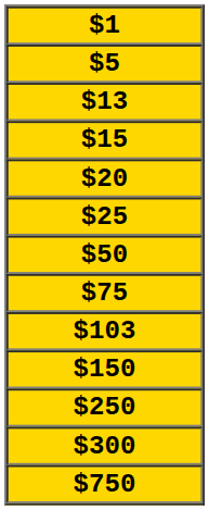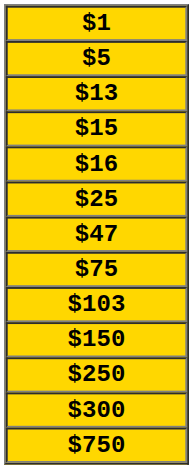 <table border=1 cellspacing=0 cellpadding=1 width=100px style="background:gold;text-align:center">
 <tr>
 <td><strong> $1</strong></td>
 </tr>
 <tr>
 <td><strong> $5</strong></td>
 </tr>
 <tr>
 <td><strong>$13</strong></td>
 </tr>
 <tr>
 <td><strong>$15</strong></td>
 </tr>
 <tr>
-<td><strong>$20</strong></td>
+<td><strong>$16</strong></td>
 </tr>
 <tr>
 <td><strong>$25</strong></td>
 </tr>
 <tr>
-<td><strong>$50</strong></td>
+<td><strong>$47</strong></td>
 </tr>
 <tr>
 <td><strong>$75</strong></td>
 </tr>
 <tr>
 <td><strong>$103</strong></td>
 </tr>
 <tr>
 <td><strong>$150</strong></td>
 </tr>
 <tr>
 <td><strong>$250</strong></td>
 </tr>
 <tr>
 <td><strong>$300</strong></td>
 </tr>
 <tr>
 <td><strong>$750</strong></td>
 </tr>
 </table>
